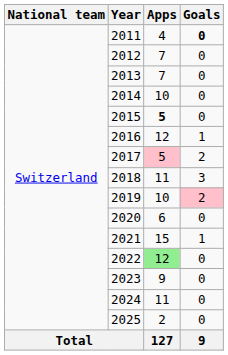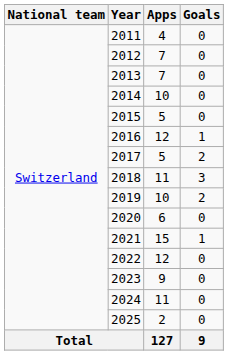 <table class="wikitable" style="text-align:center">
 <tr>
 <th>National team</th>
 <th>Year</th>
 <th>Apps</th>
 <th>Goals</th>
 </tr>
 <tr>
 <td rowspan="15"><a href='#'>Switzerland</a></td>
 <td>2011</td>
 <td>4</td>
-<td><strong>0</strong></td>
+<td>0</td>
 </tr>
 <tr>
 <td>2012</td>
 <td>7</td>
 <td>0</td>
 </tr>
 <tr>
 <td>2013</td>
 <td>7</td>
 <td>0</td>
 </tr>
 <tr>
 <td>2014</td>
 <td>10</td>
 <td>0</td>
 </tr>
 <tr>
 <td>2015</td>
-<td><strong>5</strong></td>
+<td>5</td>
 <td>0</td>
 </tr>
 <tr>
 <td>2016</td>
 <td>12</td>
 <td>1</td>
 </tr>
 <tr>
 <td>2017</td>
-<td style="background: pink;">5</td>
+<td>5</td>
 <td>2</td>
 </tr>
 <tr>
 <td>2018</td>
 <td>11</td>
 <td>3</td>
 </tr>
 <tr>
 <td>2019</td>
 <td>10</td>
-<td style="background: pink;">2</td>
+<td>2</td>
 </tr>
 <tr>
 <td>2020</td>
 <td>6</td>
 <td>0</td>
 </tr>
 <tr>
 <td>2021</td>
 <td>15</td>
 <td>1</td>
 </tr>
 <tr>
 <td>2022</td>
-<td style="background: lightgreen;">12</td>
+<td>12</td>
 <td>0</td>
 </tr>
 <tr>
 <td>2023</td>
 <td>9</td>
 <td>0</td>
 </tr>
 <tr>
 <td>2024</td>
 <td>11</td>
 <td>0</td>
 </tr>
 <tr>
 <td>2025</td>
 <td>2</td>
 <td>0</td>
 </tr>
 <tr>
 <th colspan="2">Total</th>
 <th>127</th>
 <th>9</th>
 </tr>
 </table>
